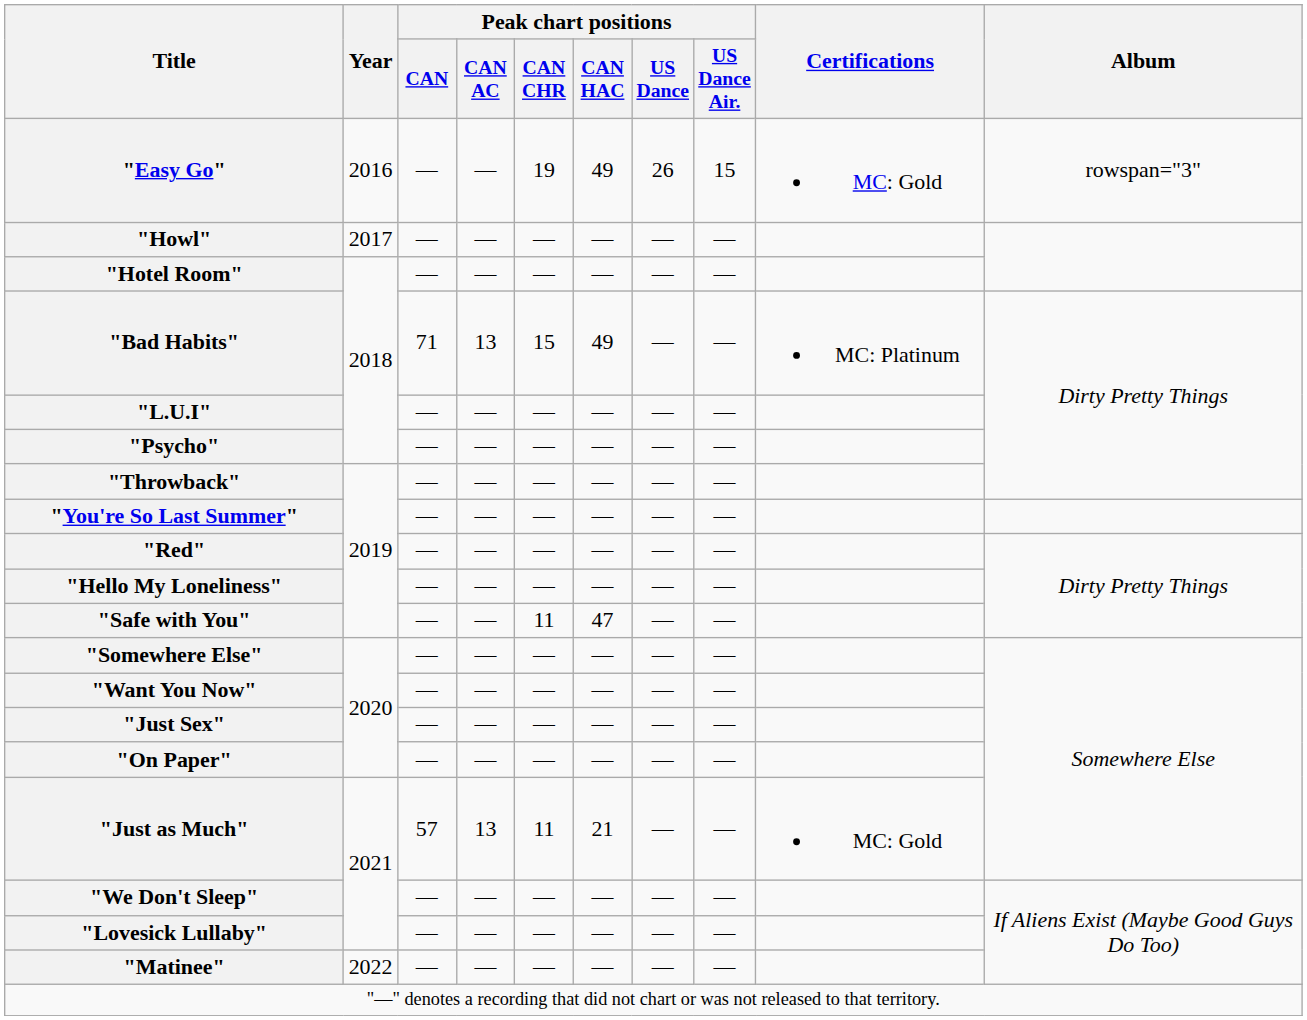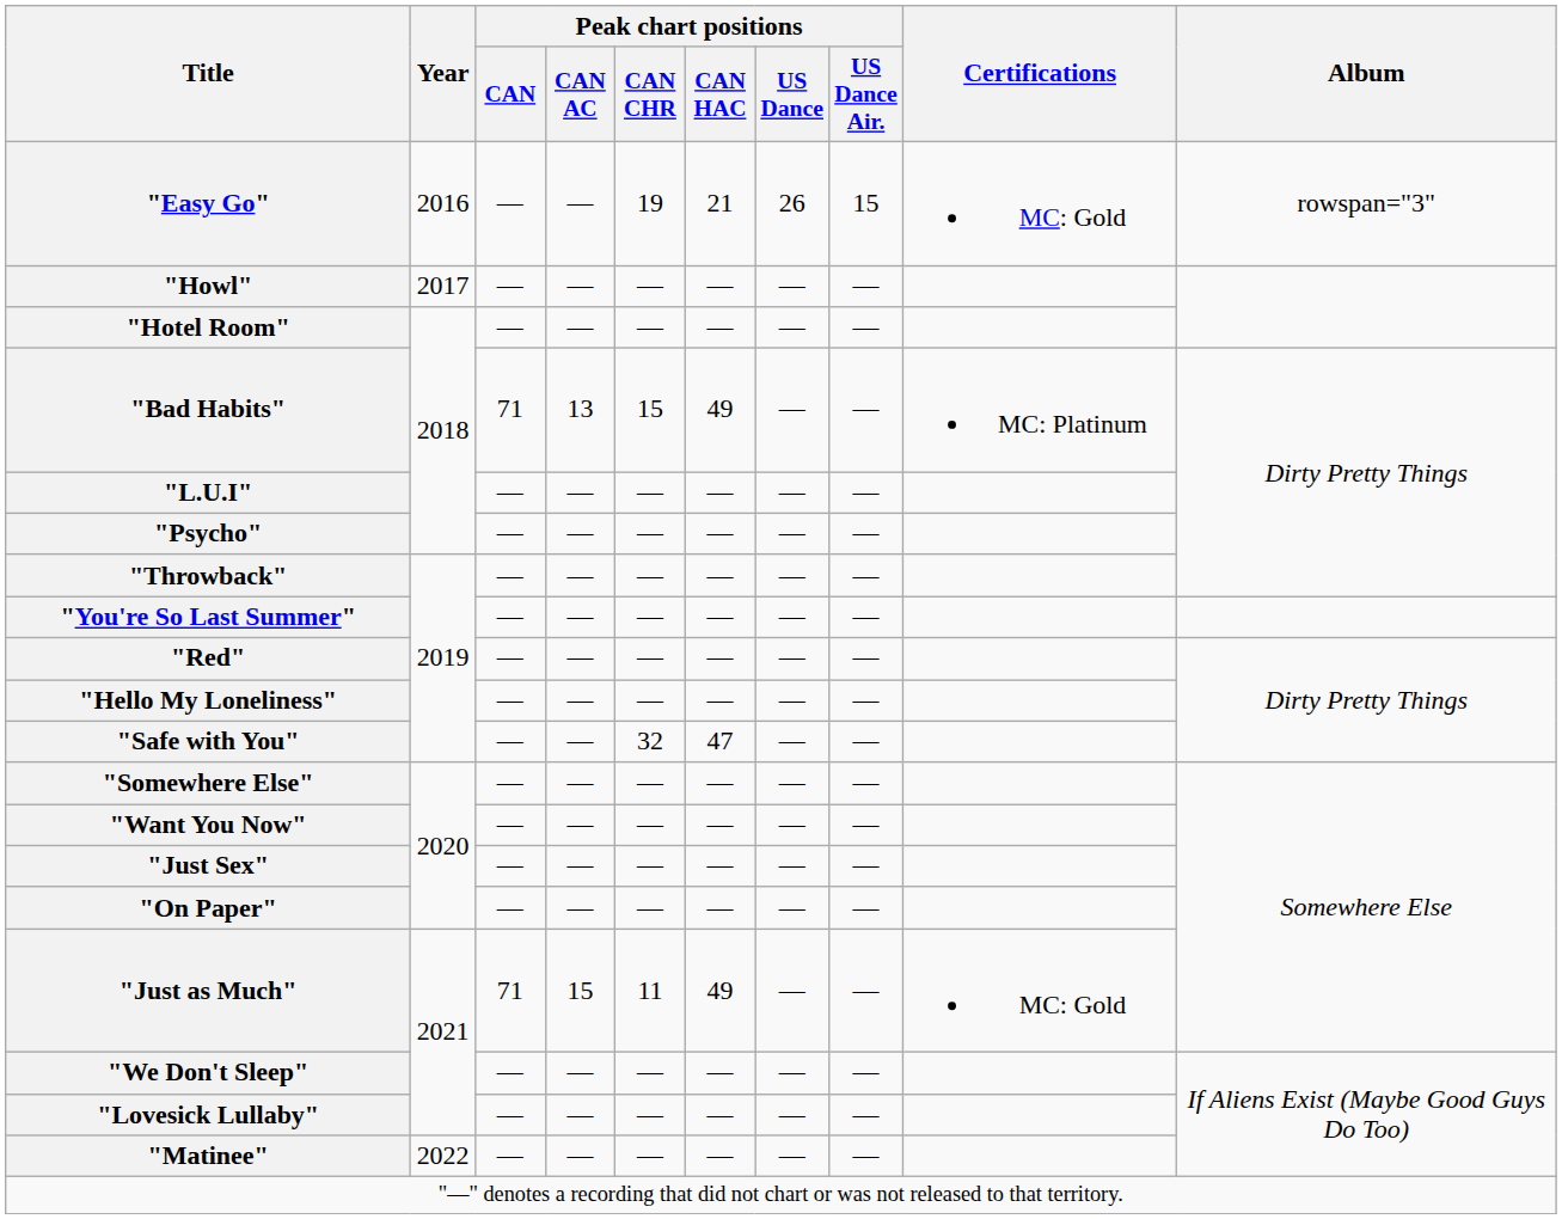 <table class="wikitable plainrowheaders" style="text-align:center;">
 <tr>
 <th scope="col" rowspan="2" style="width:15em;">Title</th>
 <th scope="col" rowspan="2" style="width:1em;">Year</th>
 <th scope="col" colspan="6">Peak chart positions</th>
 <th scope="col" rowspan="2" style="width:10em;"><a href='#'>Certifications</a></th>
 <th scope="col" rowspan="2" style="width:14em;">Album</th>
 </tr>
 <tr>
 <th scope="col" style="width:2.5em;font-size:90%;"><a href='#'>CAN</a><br></th>
 <th scope="col" style="width:2.5em;font-size:90%;"><a href='#'>CAN<br>AC</a><br></th>
 <th scope="col" style="width:2.5em;font-size:90%;"><a href='#'>CAN<br>CHR</a><br></th>
 <th scope="col" style="width:2.5em;font-size:90%;"><a href='#'>CAN<br>HAC</a><br></th>
 <th scope="col" style="width:2.5em;font-size:90%;"><a href='#'>US<br>Dance</a><br></th>
 <th scope="col" style="width:2.5em;font-size:90%;"><a href='#'>US<br>Dance<br>Air.</a><br></th>
 </tr>
 <tr>
 <th scope="row">"<a href='#'>Easy Go</a>"<br></th>
 <td>2016</td>
 <td>—</td>
 <td>—</td>
 <td>19</td>
-<td>49</td>
+<td>21</td>
 <td>26</td>
 <td>15</td>
 <td><br><ul><li><a href='#'>MC</a>: Gold</li></ul></td>
 <td>rowspan="3" </td>
 </tr>
 <tr>
 <th scope="row">"Howl"</th>
 <td>2017</td>
 <td>—</td>
 <td>—</td>
 <td>—</td>
 <td>—</td>
 <td>—</td>
 <td>—</td>
 <td></td>
 </tr>
 <tr>
 <th scope="row">"Hotel Room"</th>
 <td rowspan="4">2018</td>
 <td>—</td>
 <td>—</td>
 <td>—</td>
 <td>—</td>
 <td>—</td>
 <td>—</td>
 <td></td>
 </tr>
 <tr>
 <th scope="row">"Bad Habits"</th>
 <td>71</td>
 <td>13</td>
 <td>15</td>
 <td>49</td>
 <td>—</td>
 <td>—</td>
 <td><br><ul><li>MC: Platinum</li></ul></td>
 <td rowspan="4"><em>Dirty Pretty Things</em></td>
 </tr>
 <tr>
 <th scope="row">"L.U.I"</th>
 <td>—</td>
 <td>—</td>
 <td>—</td>
 <td>—</td>
 <td>—</td>
 <td>—</td>
 <td></td>
 </tr>
 <tr>
 <th scope="row">"Psycho"</th>
 <td>—</td>
 <td>—</td>
 <td>—</td>
 <td>—</td>
 <td>—</td>
 <td>—</td>
 <td></td>
 </tr>
 <tr>
 <th scope="row">"Throwback"<br></th>
 <td rowspan="5">2019</td>
 <td>—</td>
 <td>—</td>
 <td>—</td>
 <td>—</td>
 <td>—</td>
 <td>—</td>
 <td></td>
 </tr>
 <tr>
 <th scope="row">"<a href='#'>You're So Last Summer</a>"</th>
 <td>—</td>
 <td>—</td>
 <td>—</td>
 <td>—</td>
 <td>—</td>
 <td>—</td>
 <td></td>
 <td></td>
 </tr>
 <tr>
 <th scope="row">"Red"</th>
 <td>—</td>
 <td>—</td>
 <td>—</td>
 <td>—</td>
 <td>—</td>
 <td>—</td>
 <td></td>
 <td rowspan="3"><em>Dirty Pretty Things</em></td>
 </tr>
 <tr>
 <th scope="row">"Hello My Loneliness"<br></th>
 <td>—</td>
 <td>—</td>
 <td>—</td>
 <td>—</td>
 <td>—</td>
 <td>—</td>
 <td></td>
 </tr>
 <tr>
 <th scope="row">"Safe with You"</th>
 <td>—</td>
 <td>—</td>
-<td>11</td>
+<td>32</td>
 <td>47</td>
 <td>—</td>
 <td>—</td>
 <td></td>
 </tr>
 <tr>
 <th scope="row">"Somewhere Else"</th>
 <td rowspan="4">2020</td>
 <td>—</td>
 <td>—</td>
 <td>—</td>
 <td>—</td>
 <td>—</td>
 <td>—</td>
 <td></td>
 <td rowspan="5"><em>Somewhere Else</em></td>
 </tr>
 <tr>
 <th scope="row">"Want You Now"</th>
 <td>—</td>
 <td>—</td>
 <td>—</td>
 <td>—</td>
 <td>—</td>
 <td>—</td>
 <td></td>
 </tr>
 <tr>
 <th scope="row">"Just Sex"</th>
 <td>—</td>
 <td>—</td>
 <td>—</td>
 <td>—</td>
 <td>—</td>
 <td>—</td>
 <td></td>
 </tr>
 <tr>
 <th scope="row">"On Paper"</th>
 <td>—</td>
 <td>—</td>
 <td>—</td>
 <td>—</td>
 <td>—</td>
 <td>—</td>
 <td></td>
 </tr>
 <tr>
 <th scope="row">"Just as Much"<br></th>
 <td rowspan="3">2021</td>
-<td>57</td>
-<td>13</td>
+<td>71</td>
+<td>15</td>
 <td>11</td>
-<td>21</td>
+<td>49</td>
 <td>—</td>
 <td>—</td>
 <td><br><ul><li>MC: Gold</li></ul></td>
 </tr>
 <tr>
 <th scope="row">"We Don't Sleep"</th>
 <td>—</td>
 <td>—</td>
 <td>—</td>
 <td>—</td>
 <td>—</td>
 <td>—</td>
 <td></td>
 <td rowspan="3"><em>If Aliens Exist (Maybe Good Guys Do Too)</em></td>
 </tr>
 <tr>
 <th scope="row">"Lovesick Lullaby"</th>
 <td>—</td>
 <td>—</td>
 <td>—</td>
 <td>—</td>
 <td>—</td>
 <td>—</td>
 <td></td>
 </tr>
 <tr>
 <th scope="row">"Matinee"</th>
 <td>2022</td>
 <td>—</td>
 <td>—</td>
 <td>—</td>
 <td>—</td>
 <td>—</td>
 <td>—</td>
 <td></td>
 </tr>
 <tr>
 <td colspan="10" style="font-size:smaller;">"—" denotes a recording that did not chart or was not released to that territory.</td>
 </tr>
 </table>
